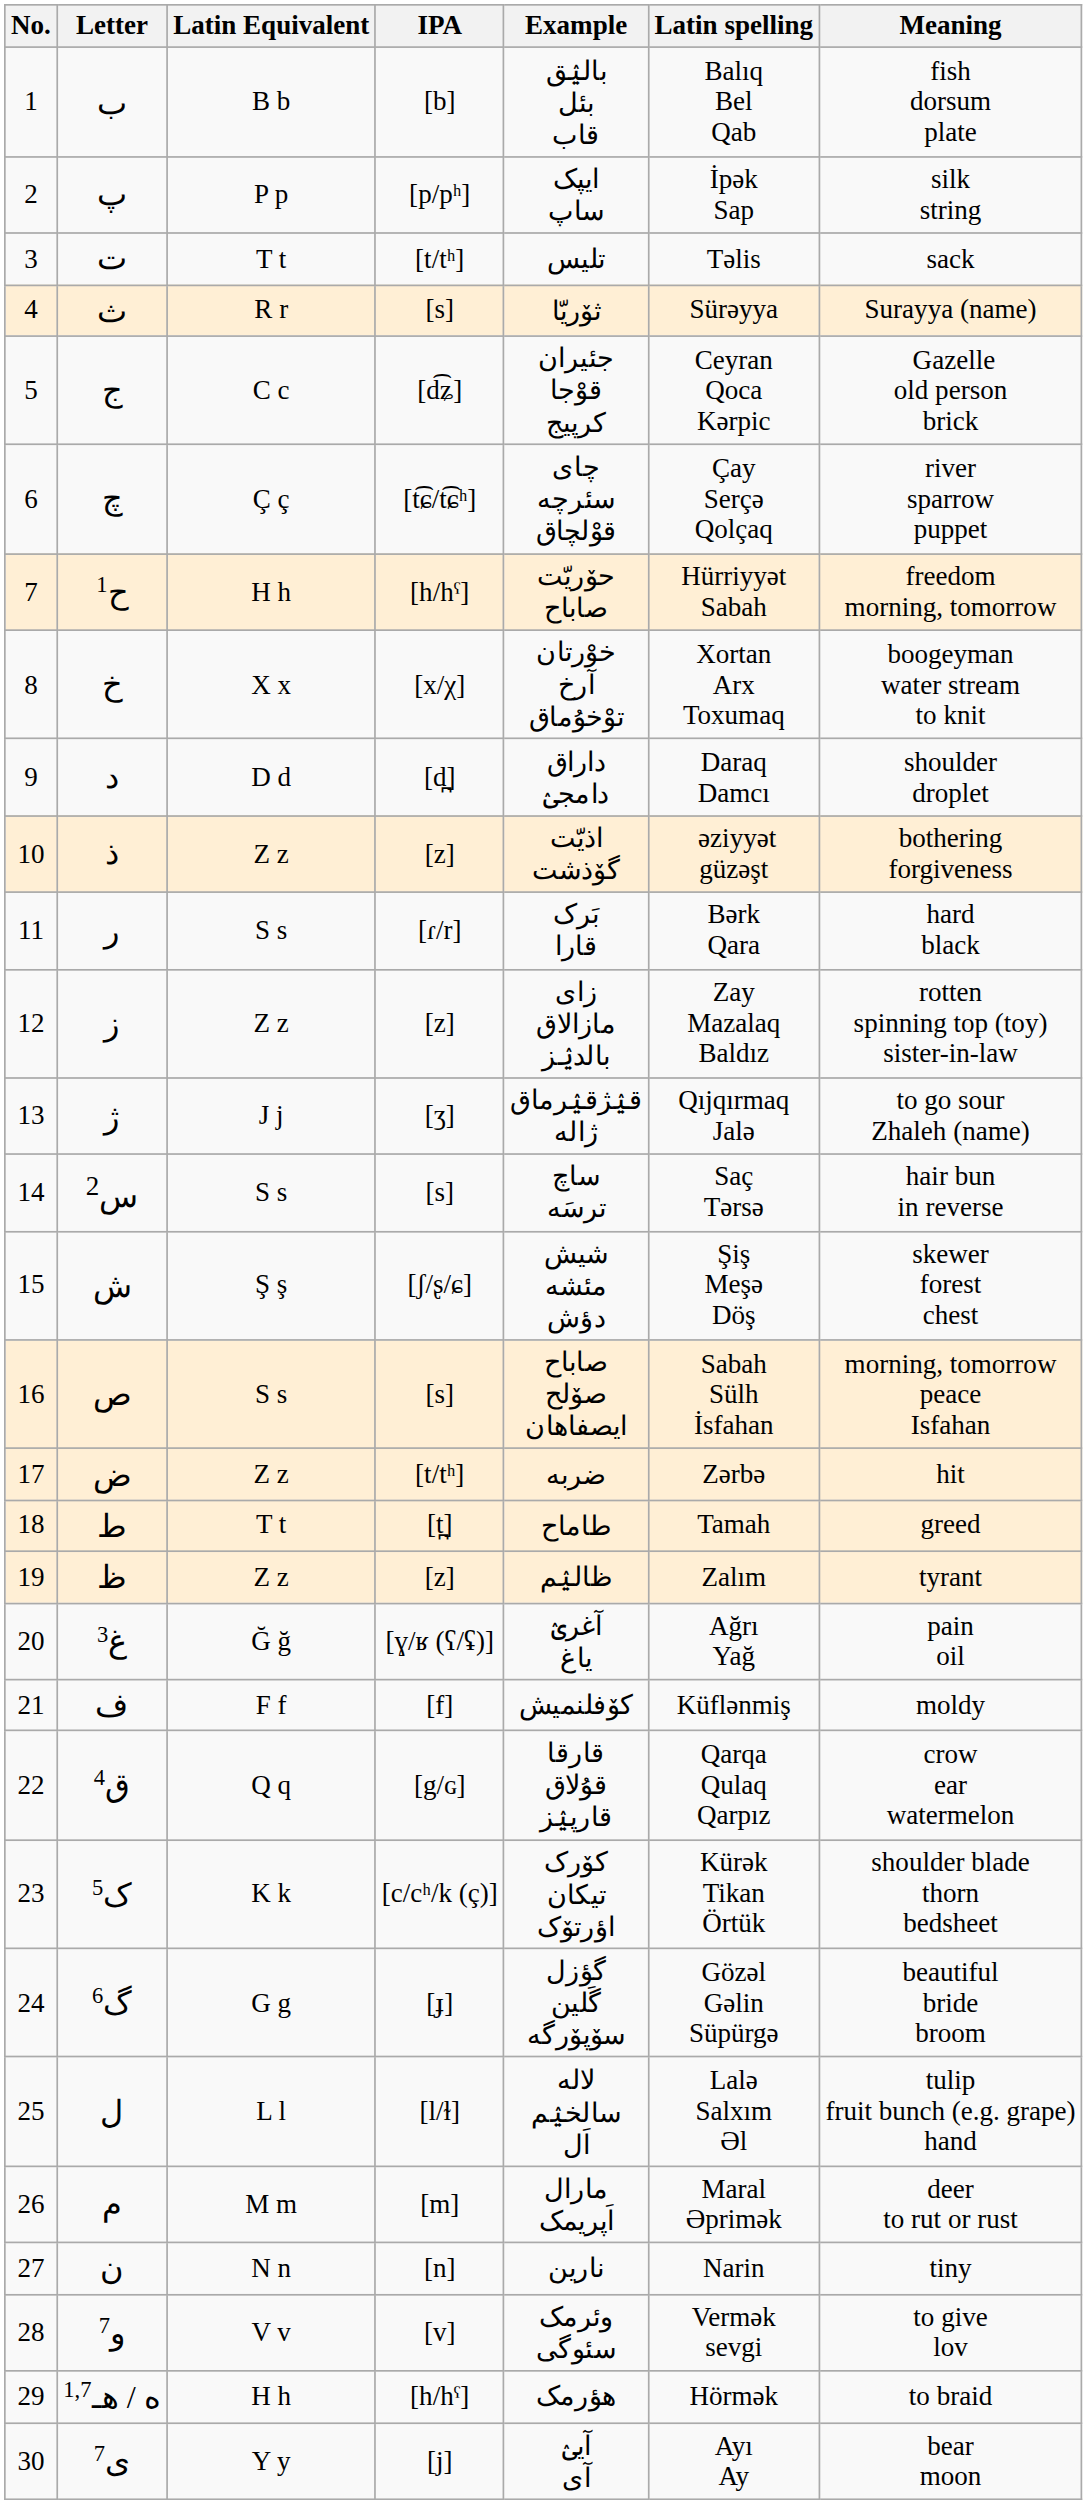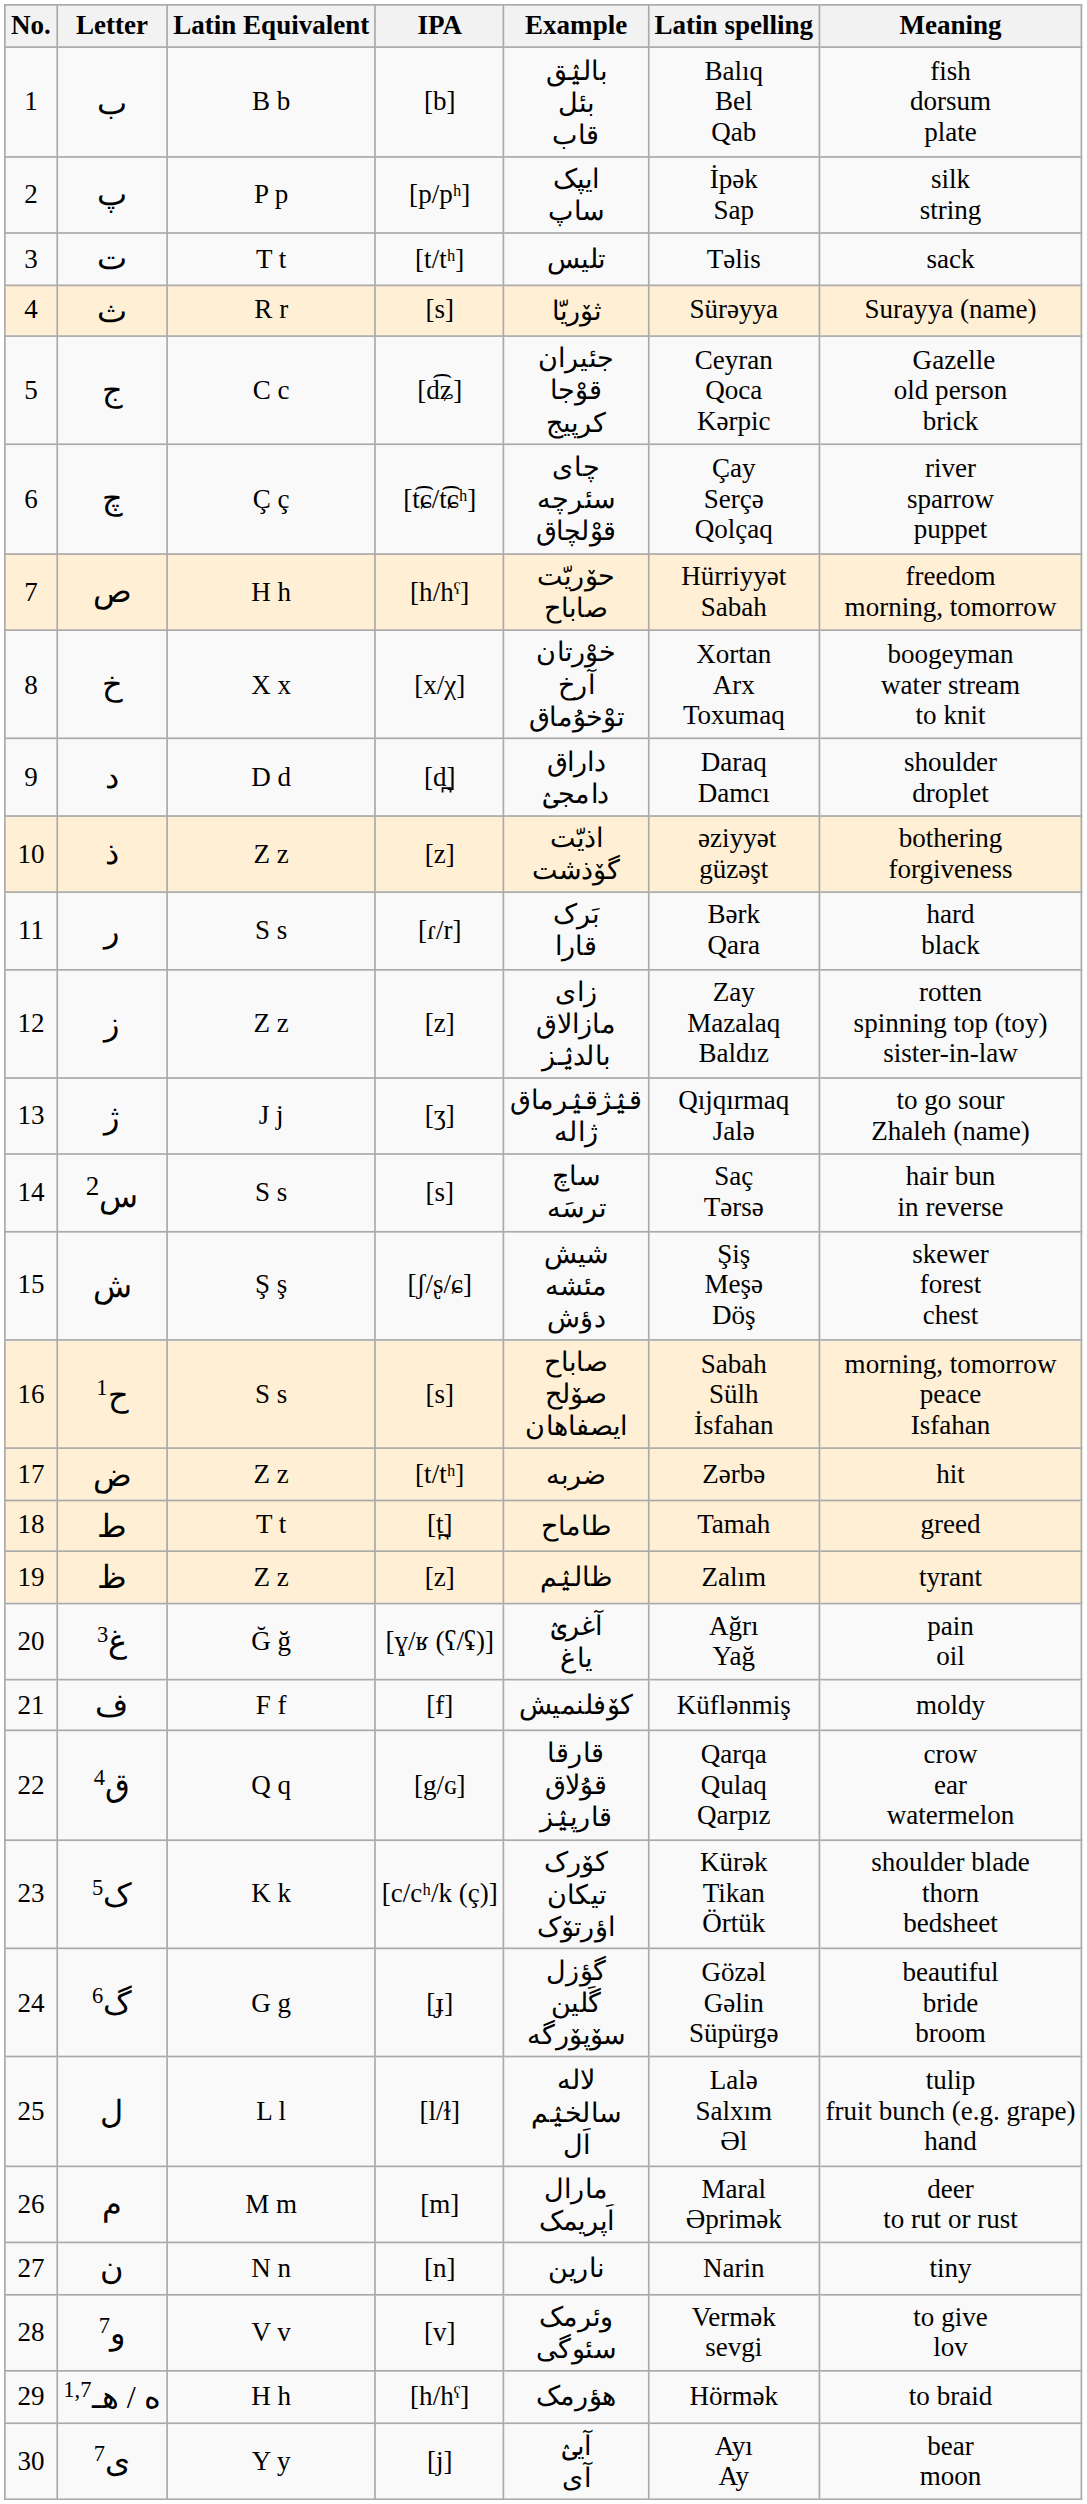 <table class="wikitable" style="text-align:center;">
 <tr>
 <th>No.</th>
 <th>Letter</th>
 <th>Latin Equivalent</th>
 <th>IPA</th>
 <th>Example</th>
 <th>Latin spelling</th>
 <th>Meaning</th>
 </tr>
 <tr>
 <td>1</td>
 <td><big>ب</big></td>
 <td>B b</td>
 <td>[b]</td>
 <td>بالؽق<br>بئل<br>قاب</td>
 <td>Balıq<br>Bel<br>Qab</td>
 <td>fish<br>dorsum<br>plate</td>
 </tr>
 <tr>
 <td>2</td>
 <td><big>پ</big></td>
 <td>P  p</td>
 <td>[p/pʰ]</td>
 <td>ایپک<br>ساپ</td>
 <td>İpək<br>Sap</td>
 <td>silk<br>string</td>
 </tr>
 <tr>
 <td>3</td>
 <td><big>ت</big></td>
 <td>T t</td>
 <td>[t/tʰ]</td>
 <td>تلیس</td>
 <td>Təlis</td>
 <td>sack</td>
 </tr>
 <tr bgcolor="#FFEFD5">
 <td>4</td>
 <td><big>ث</big></td>
 <td>R r</td>
 <td>[s]</td>
 <td>ثۆریّا</td>
 <td>Sürəyya</td>
 <td>Surayya (name)</td>
 </tr>
 <tr>
 <td>5</td>
 <td><big>ج</big></td>
 <td>C c</td>
 <td>[d͡ʑ]</td>
 <td>جئیران<br>قوْجا<br>کرپیج</td>
 <td>Ceyran<br>Qoca<br>Kərpic</td>
 <td>‌ Gazelle<br>old person<br>brick</td>
 </tr>
 <tr>
 <td>6</td>
 <td><big>چ</big></td>
 <td>Ç  ç</td>
 <td>[t͡ɕ/t͡ɕʰ]</td>
 <td>چای<br>سئرچه<br>قوْلچاق</td>
 <td>Çay<br>Serçə<br>Qolçaq</td>
 <td>river<br>sparrow<br>puppet</td>
 </tr>
 <tr bgcolor="#FFEFD5">
 <td>7</td>
-<td><big>ح</big><sup>1</sup></td>
+<td><big>ص</big></td>
 <td>H h</td>
 <td>[h/hˁ]</td>
 <td>حۆریّت<br>صاباح</td>
 <td>Hürriyyət<br>Sabah</td>
 <td>freedom<br>morning, tomorrow</td>
 </tr>
 <tr>
 <td>8</td>
 <td><big>خ</big></td>
 <td>X x</td>
 <td>[x/χ]</td>
 <td>خوْرتان<br>آرخ<br>توْخۇماق</td>
 <td>Xortan<br>Arx<br>Toxumaq</td>
 <td>boogeyman<br>water stream<br>to  knit</td>
 </tr>
 <tr>
 <td>9</td>
 <td><big>د</big></td>
 <td>D d</td>
 <td>[d̪]</td>
 <td>داراق<br>دامجؽ</td>
 <td>Daraq<br>Damcı</td>
 <td>shoulder<br>droplet</td>
 </tr>
 <tr bgcolor="#FFEFD5">
 <td>10</td>
 <td><big>ذ</big></td>
 <td>Z z</td>
 <td>[z]</td>
 <td>اذیّت<br>گۆذشت</td>
 <td>‌ əziyyət<br>güzəşt</td>
 <td>bothering<br>forgiveness</td>
 </tr>
 <tr>
 <td>11</td>
 <td><big>ر</big></td>
 <td>S s</td>
 <td>[ɾ/r]</td>
 <td>بَرک<br>قارا</td>
 <td>Bərk<br>Qara</td>
 <td>hard<br>black</td>
 </tr>
 <tr>
 <td>12</td>
 <td><big>ز</big></td>
 <td>Z z</td>
 <td>[z]</td>
 <td>زای<br>مازالاق<br>بالدؽز</td>
 <td>Zay<br>Mazalaq<br>Baldız</td>
 <td>rotten<br>spinning top (toy)<br>sister-in-law</td>
 </tr>
 <tr>
 <td>13</td>
 <td><big>ژ</big></td>
 <td>J j</td>
 <td>[ʒ]</td>
 <td>قؽژقؽرماق<br>ژاله</td>
 <td>Qıjqırmaq<br>Jalə</td>
 <td>to go sour<br>Zhaleh (name)</td>
 </tr>
 <tr>
 <td>14</td>
 <td><big>س<sup>2</sup></big></td>
 <td>S s</td>
 <td>[s]</td>
 <td>ساچ<br>ترسَه</td>
 <td>Saç<br>Tərsə</td>
 <td>hair bun<br>in reverse</td>
 </tr>
 <tr>
 <td>15</td>
 <td><big>ش</big></td>
 <td>Ş ş</td>
 <td>[ʃ/ʂ/ɕ]</td>
 <td>شیش<br>مئشه<br>دؤش</td>
 <td>Şiş<br>Meşə<br>Döş</td>
 <td>skewer<br>forest<br>chest</td>
 </tr>
 <tr bgcolor="#FFEFD5">
 <td>16</td>
-<td><big>ص</big></td>
+<td><big>ح</big><sup>1</sup></td>
 <td>S s</td>
 <td>[s]</td>
 <td>صاباح<br>صۆلح<br>ایصفاهان</td>
 <td>Sabah<br>Sülh<br>İsfahan</td>
 <td>morning, tomorrow<br>peace<br>Isfahan</td>
 </tr>
 <tr bgcolor="#FFEFD5">
 <td>17</td>
 <td><big>ض</big></td>
 <td>Z z</td>
 <td>[t/tʰ]</td>
 <td>ضربه</td>
 <td>Zərbə</td>
 <td>hit</td>
 </tr>
 <tr bgcolor="#FFEFD5">
 <td>18</td>
 <td><big>ط</big></td>
 <td>T t</td>
 <td>[t̪]</td>
 <td>طاماح</td>
 <td>Tamah</td>
 <td>greed</td>
 </tr>
 <tr bgcolor="#FFEFD5">
 <td>19</td>
 <td><big>ظ</big></td>
 <td>Z z</td>
 <td>[z]</td>
 <td>ظالؽم</td>
 <td>Zalım</td>
 <td>tyrant</td>
 </tr>
 <tr>
 <td>20</td>
 <td><big>غ</big><sup>3</sup></td>
 <td>Ğ ğ</td>
 <td>[ɣ/ʁ (ʕ/ʢ)]</td>
 <td>آغرؽ<br>یاغ</td>
 <td>Ağrı<br>Yağ</td>
 <td>pain<br>oil</td>
 </tr>
 <tr>
 <td>21</td>
 <td><big>ف</big></td>
 <td>F f</td>
 <td>[f]</td>
 <td>کۆفلنمیش</td>
 <td>Küflənmiş</td>
 <td>moldy</td>
 </tr>
 <tr>
 <td>22</td>
 <td><big>ق</big><sup>4</sup></td>
 <td>Q q</td>
 <td>[g/ɢ]</td>
 <td>قارقا<br>قۇلاق<br>قارپؽز</td>
 <td>Qarqa<br>Qulaq<br>Qarpız</td>
 <td>crow<br>ear<br>watermelon</td>
 </tr>
 <tr>
 <td>23</td>
 <td><big>ک</big><sup>5</sup></td>
 <td>K k</td>
 <td>[c/cʰ/k (ç)]</td>
 <td>کۆرک<br>تیکان<br>اؤرتۆک</td>
 <td>Kürək<br>Tikan<br>Örtük</td>
 <td>shoulder blade<br>thorn<br>bedsheet</td>
 </tr>
 <tr>
 <td>24</td>
 <td><big>گ</big><sup>6</sup></td>
 <td>G g</td>
 <td>[ɟ]</td>
 <td>گؤزل<br>گَلین<br>سۆپۆرگه</td>
 <td>Gözəl<br>Gəlin<br>Süpürgə</td>
 <td>beautiful<br>bride<br>broom</td>
 </tr>
 <tr>
 <td>25</td>
 <td><big>ل</big></td>
 <td>L l</td>
 <td>[l/ɫ]</td>
 <td>لاله <br>سالخؽم<br>اَل</td>
 <td>Lalə<br>Salxım<br>Əl</td>
 <td>tulip<br>fruit bunch (e.g. grape)<br>hand</td>
 </tr>
 <tr>
 <td>26</td>
 <td><big>م</big></td>
 <td>M m</td>
 <td>[m]</td>
 <td>مارال<br>اَپریمک</td>
 <td>Maral<br>Əprimək</td>
 <td>deer<br>to rut or rust</td>
 </tr>
 <tr>
 <td>27</td>
 <td><big>ن</big></td>
 <td>N n</td>
 <td>[n]</td>
 <td>نارین</td>
 <td>Narin</td>
 <td>tiny</td>
 </tr>
 <tr>
 <td>28</td>
 <td><big>و</big><sup>7</sup></td>
 <td>V v</td>
 <td>[v]</td>
 <td>وئرمک<br>سئوگی</td>
 <td>Vermək<br>sevgi</td>
 <td>to give<br>lov</td>
 </tr>
 <tr>
 <td>29</td>
 <td><big>ه / هـ</big><sup>1,7</sup></td>
 <td>H h</td>
 <td>[h/hˁ]</td>
 <td>هؤرمک</td>
 <td>Hörmək</td>
 <td>to braid</td>
 </tr>
 <tr>
 <td>30</td>
 <td><big>ی</big><sup>7</sup></td>
 <td>Y y</td>
 <td>[j]</td>
 <td>آیؽ<br>آی</td>
 <td>Ayı<br>Ay</td>
 <td>bear<br>moon</td>
 </tr>
 </table>
